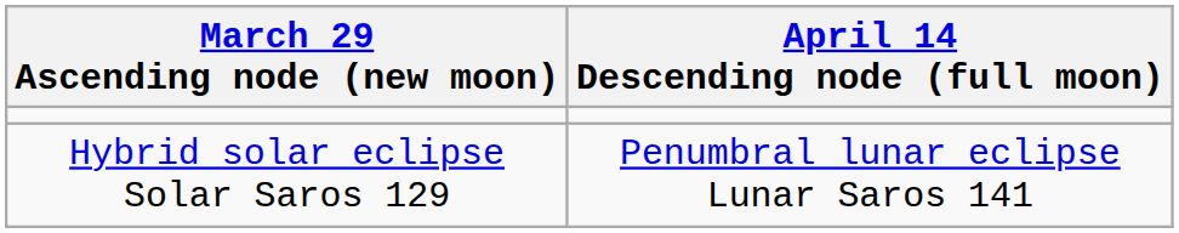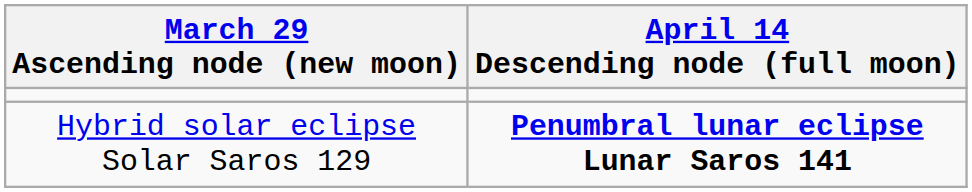 <table class="wikitable">
 <tr>
 <th><a href='#'>March 29</a><br>Ascending node (new moon)<br></th>
 <th><a href='#'>April 14</a><br>Descending node (full moon)<br></th>
 </tr>
 <tr>
 <td></td>
 <td></td>
 </tr>
 <tr align=center>
 <td><a href='#'>Hybrid solar eclipse</a><br>Solar Saros 129</td>
-<td><a href='#'>Penumbral lunar eclipse</a><br>Lunar Saros 141</td>
+<td><strong><a href='#'>Penumbral lunar eclipse</a><br>Lunar Saros 141</strong></td>
 </tr>
 </table>
